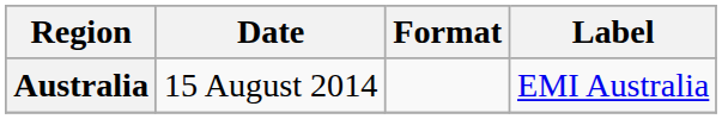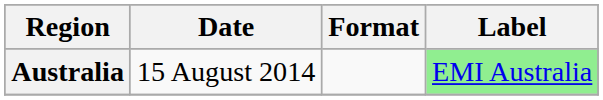 <table class="wikitable sortable plainrowheaders">
 <tr>
 <th scope="col">Region</th>
 <th scope="col">Date</th>
 <th scope="col">Format</th>
 <th scope="col">Label</th>
 </tr>
 <tr>
 <th scope="row">Australia</th>
 <td>15 August 2014</td>
 <td></td>
-<td><a href='#'>EMI Australia</a></td>
+<td style="background: lightgreen;"><a href='#'>EMI Australia</a></td>
 </tr>
 <tr>
 </tr>
 </table>
